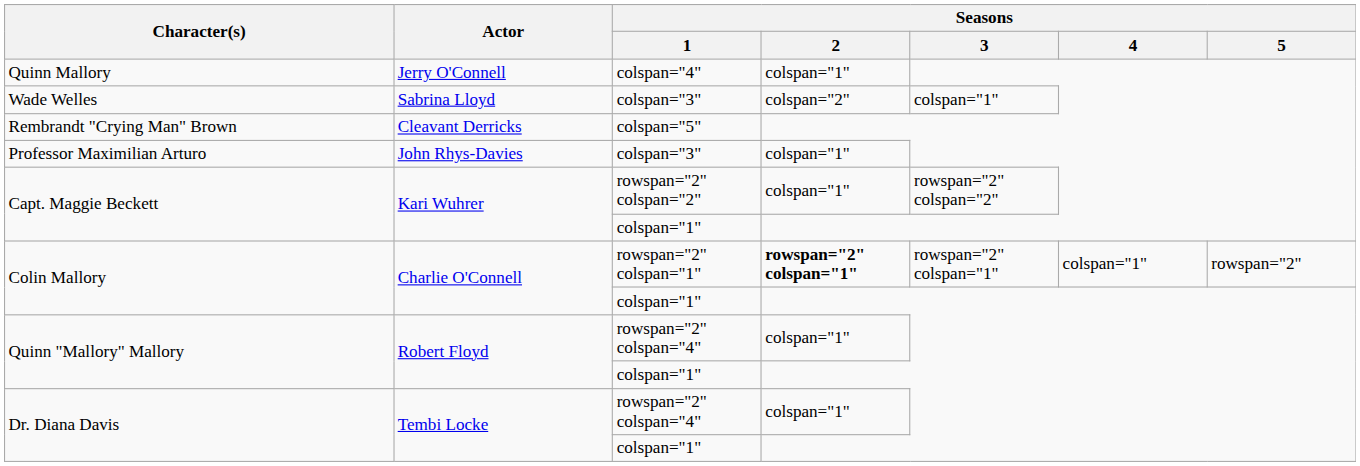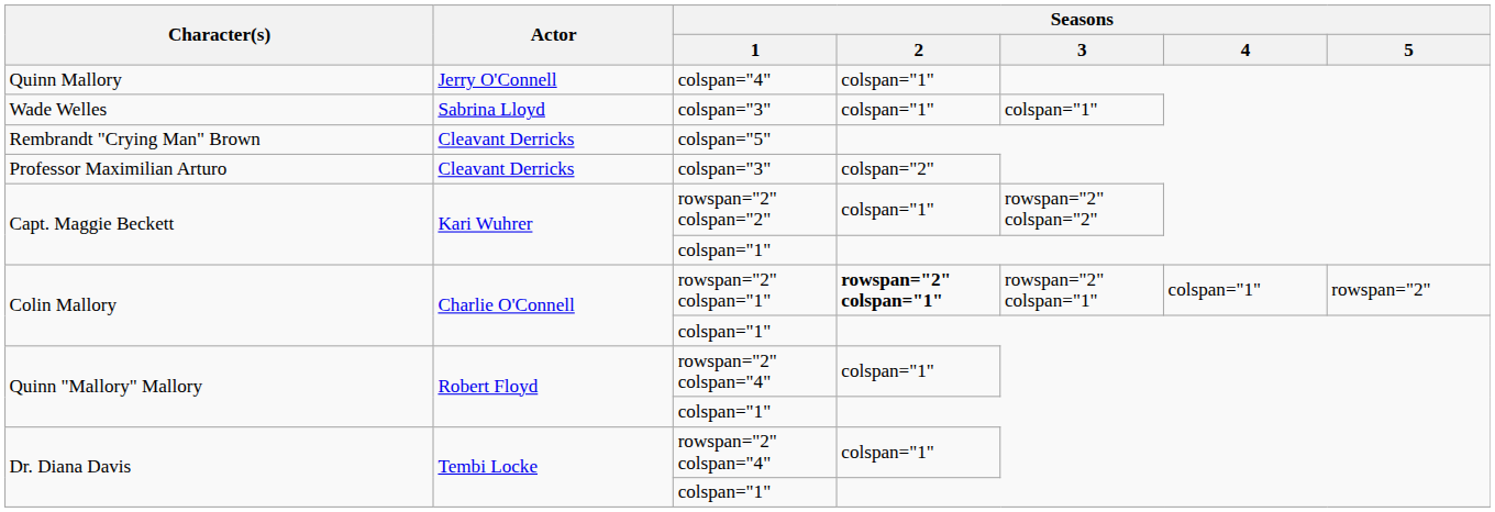 <table class="wikitable sortable" width="100%">
 <tr>
 <th rowspan="2">Character(s)</th>
 <th rowspan="2">Actor</th>
 <th colspan="5">Seasons</th>
 </tr>
 <tr>
 <th width="11%">1</th>
 <th width="11%">2</th>
 <th width="11%">3</th>
 <th width="11%">4</th>
 <th width="11%">5</th>
 </tr>
 <tr>
 <td>Quinn Mallory</td>
 <td><a href='#'>Jerry O'Connell</a></td>
 <td>colspan="4" </td>
 <td>colspan="1" </td>
 </tr>
 <tr>
 <td>Wade Welles</td>
 <td><a href='#'>Sabrina Lloyd</a></td>
 <td>colspan="3" </td>
-<td>colspan="2" </td>
+<td>colspan="1" </td>
 <td>colspan="1" </td>
 </tr>
 <tr>
 <td>Rembrandt "Crying Man" Brown</td>
 <td><a href='#'>Cleavant Derricks</a></td>
 <td>colspan="5" </td>
 </tr>
 <tr>
 <td>Professor Maximilian Arturo</td>
-<td><a href='#'>John Rhys-Davies</a></td>
+<td><a href='#'>Cleavant Derricks</a></td>
 <td>colspan="3" </td>
-<td>colspan="1" </td>
+<td>colspan="2" </td>
 </tr>
 <tr>
 <td rowspan="2">Capt. Maggie Beckett</td>
 <td rowspan="2"><a href='#'>Kari Wuhrer</a></td>
 <td>rowspan="2" colspan="2" </td>
 <td>colspan="1" </td>
 <td>rowspan="2" colspan="2" </td>
 </tr>
 <tr>
 <td>colspan="1" </td>
 </tr>
 <tr>
 <td rowspan="2">Colin Mallory</td>
 <td rowspan="2"><a href='#'>Charlie O'Connell</a></td>
 <td>rowspan="2" colspan="1" </td>
 <td><strong>rowspan="2" colspan="1" </strong></td>
 <td>rowspan="2" colspan="1" </td>
 <td>colspan="1" </td>
 <td>rowspan="2" </td>
 </tr>
 <tr>
 <td>colspan="1" </td>
 </tr>
 <tr>
 <td rowspan="2">Quinn "Mallory" Mallory</td>
 <td rowspan="2"><a href='#'>Robert Floyd</a></td>
 <td>rowspan="2" colspan="4" </td>
 <td>colspan="1" </td>
 </tr>
 <tr>
 <td>colspan="1" </td>
 </tr>
 <tr>
 <td rowspan="2">Dr. Diana Davis</td>
 <td rowspan="2"><a href='#'>Tembi Locke</a></td>
 <td>rowspan="2" colspan="4" </td>
 <td>colspan="1" </td>
 </tr>
 <tr>
 <td>colspan="1" </td>
 </tr>
 </table>
